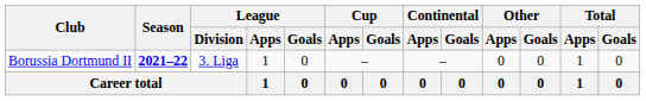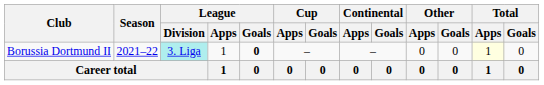 <table class="wikitable" style="text-align:center">
 <tr>
 <th rowspan="2">Club</th>
 <th rowspan="2">Season</th>
 <th colspan="3">League</th>
 <th colspan="2">Cup</th>
 <th colspan="2">Continental</th>
 <th colspan="2">Other</th>
 <th colspan="2">Total</th>
 </tr>
 <tr>
 <th>Division</th>
 <th>Apps</th>
 <th>Goals</th>
 <th>Apps</th>
 <th>Goals</th>
 <th>Apps</th>
 <th>Goals</th>
 <th>Apps</th>
 <th>Goals</th>
 <th>Apps</th>
 <th>Goals</th>
 </tr>
 <tr>
 <td><a href='#'>Borussia Dortmund II</a></td>
-<td><strong><a href='#'>2021–22</a></strong></td>
-<td><a href='#'>3. Liga</a></td>
+<td><a href='#'>2021–22</a></td>
+<td style="background: paleturquoise;"><a href='#'>3. Liga</a></td>
 <td>1</td>
-<td>0</td>
+<td><strong>0</strong></td>
 <td colspan="2">–</td>
 <td colspan="2">–</td>
 <td>0</td>
 <td>0</td>
-<td>1</td>
+<td style="background: lightyellow;">1</td>
 <td>0</td>
 </tr>
 <tr>
 <th colspan=3>Career total</th>
 <th>1</th>
 <th>0</th>
 <th>0</th>
 <th>0</th>
 <th>0</th>
 <th>0</th>
 <th>0</th>
 <th>0</th>
 <th>1</th>
 <th>0</th>
 </tr>
 </table>
